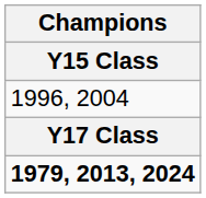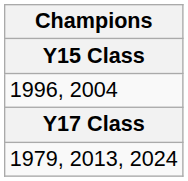 <table class="wikitable">
 <tr>
 <th>Champions</th>
 </tr>
 <tr>
 <th colspan="2">Y15 Class</th>
 </tr>
 <tr>
 <td>1996, 2004</td>
 </tr>
 <tr>
 <th colspan="3">Y17 Class</th>
 </tr>
 <tr>
-<td><strong>1979, 2013, 2024</strong></td>
+<td>1979, 2013, 2024</td>
 </tr>
 </table>
